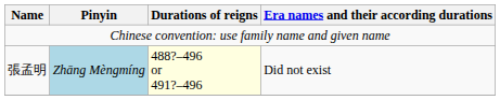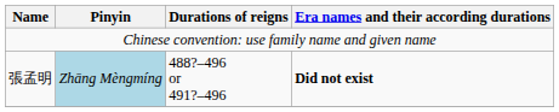 <table class="wikitable">
 <tr>
 <th>Name</th>
 <th>Pinyin</th>
 <th>Durations of reigns</th>
 <th><a href='#'>Era names</a> and their according durations</th>
 </tr>
 <tr>
 <td colspan="5" style="text-align:center;"><em>Chinese convention:  use family name and given name</em></td>
 </tr>
 <tr>
 <td>張孟明</td>
 <td style="background: lightblue;"><em>Zhāng Mèngmíng</em></td>
-<td style="background: lightyellow;">488?–496<br>or<br>491?–496</td>
-<td>Did not exist</td>
+<td>488?–496<br>or<br>491?–496</td>
+<td><strong>Did not exist</strong></td>
 </tr>
 <tr>
 </tr>
 </table>
